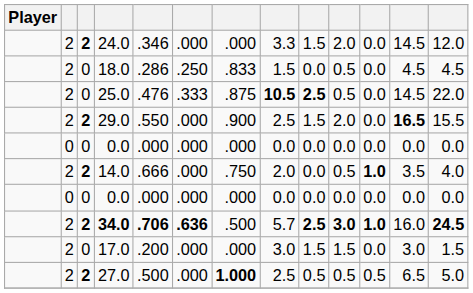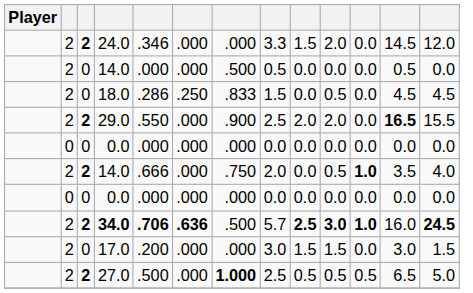 <table class="wikitable sortable" style="font-size:95%; text-align:right;">
 <tr>
 <th>Player</th>
 <th></th>
 <th></th>
 <th></th>
 <th></th>
 <th></th>
 <th></th>
 <th></th>
 <th></th>
 <th></th>
 <th></th>
 <th></th>
 <th></th>
 </tr>
 <tr>
 <td><strong></strong></td>
 <td>2</td>
 <td><strong>2</strong></td>
 <td>24.0</td>
 <td>.346</td>
 <td>.000</td>
 <td>.000</td>
 <td>3.3</td>
 <td>1.5</td>
 <td>2.0</td>
 <td>0.0</td>
 <td>14.5</td>
 <td>12.0</td>
 </tr>
 <tr>
 <td><strong></strong></td>
 <td>2</td>
 <td>0</td>
+<td>14.0</td>
+<td>.000</td>
+<td>.000</td>
+<td>.500</td>
+<td>0.5</td>
+<td>0.0</td>
+<td>0.0</td>
+<td>0.0</td>
+<td>0.5</td>
+<td>0.0</td>
+</tr>
+<tr>
+<td><strong></strong></td>
+<td>2</td>
+<td>0</td>
 <td>18.0</td>
 <td>.286</td>
 <td>.250</td>
 <td>.833</td>
 <td>1.5</td>
 <td>0.0</td>
 <td>0.5</td>
 <td>0.0</td>
 <td>4.5</td>
 <td>4.5</td>
 </tr>
 <tr>
 <td><strong></strong></td>
 <td>2</td>
-<td>0</td>
-<td>25.0</td>
-<td>.476</td>
-<td>.333</td>
-<td>.875</td>
-<td><strong>10.5</strong></td>
-<td><strong>2.5</strong></td>
-<td>0.5</td>
-<td>0.0</td>
-<td>14.5</td>
-<td>22.0</td>
-</tr>
-<tr>
-<td><strong></strong></td>
-<td>2</td>
 <td><strong>2</strong></td>
 <td>29.0</td>
 <td>.550</td>
 <td>.000</td>
 <td>.900</td>
 <td>2.5</td>
-<td>1.5</td>
+<td>2.0</td>
 <td>2.0</td>
 <td>0.0</td>
 <td><strong>16.5</strong></td>
 <td>15.5</td>
 </tr>
 <tr>
 <td><strong></strong></td>
 <td>0</td>
 <td>0</td>
 <td>0.0</td>
 <td>.000</td>
 <td>.000</td>
 <td>.000</td>
 <td>0.0</td>
 <td>0.0</td>
 <td>0.0</td>
 <td>0.0</td>
 <td>0.0</td>
 <td>0.0</td>
 </tr>
 <tr>
 <td><strong></strong></td>
 <td>2</td>
 <td><strong>2</strong></td>
 <td>14.0</td>
 <td>.666</td>
 <td>.000</td>
 <td>.750</td>
 <td>2.0</td>
 <td>0.0</td>
 <td>0.5</td>
 <td><strong>1.0</strong></td>
 <td>3.5</td>
 <td>4.0</td>
 </tr>
 <tr>
 <td><strong></strong></td>
 <td>0</td>
 <td>0</td>
 <td>0.0</td>
 <td>.000</td>
 <td>.000</td>
 <td>.000</td>
 <td>0.0</td>
 <td>0.0</td>
 <td>0.0</td>
 <td>0.0</td>
 <td>0.0</td>
 <td>0.0</td>
 </tr>
 <tr>
 <td><strong></strong></td>
 <td>2</td>
 <td><strong>2</strong></td>
 <td><strong>34.0</strong></td>
 <td><strong>.706</strong></td>
 <td><strong>.636</strong></td>
 <td>.500</td>
 <td>5.7</td>
 <td><strong>2.5</strong></td>
 <td><strong>3.0</strong></td>
 <td><strong>1.0</strong></td>
 <td>16.0</td>
 <td><strong>24.5</strong></td>
 </tr>
 <tr>
 <td><strong></strong></td>
 <td>2</td>
 <td>0</td>
 <td>17.0</td>
 <td>.200</td>
 <td>.000</td>
 <td>.000</td>
 <td>3.0</td>
 <td>1.5</td>
 <td>1.5</td>
 <td>0.0</td>
 <td>3.0</td>
 <td>1.5</td>
 </tr>
 <tr>
 <td><strong></strong></td>
 <td>2</td>
 <td><strong>2</strong></td>
 <td>27.0</td>
 <td>.500</td>
 <td>.000</td>
 <td><strong>1.000</strong></td>
 <td>2.5</td>
 <td>0.5</td>
 <td>0.5</td>
 <td>0.5</td>
 <td>6.5</td>
 <td>5.0</td>
 </tr>
 <tr>
 </tr>
 </table>
